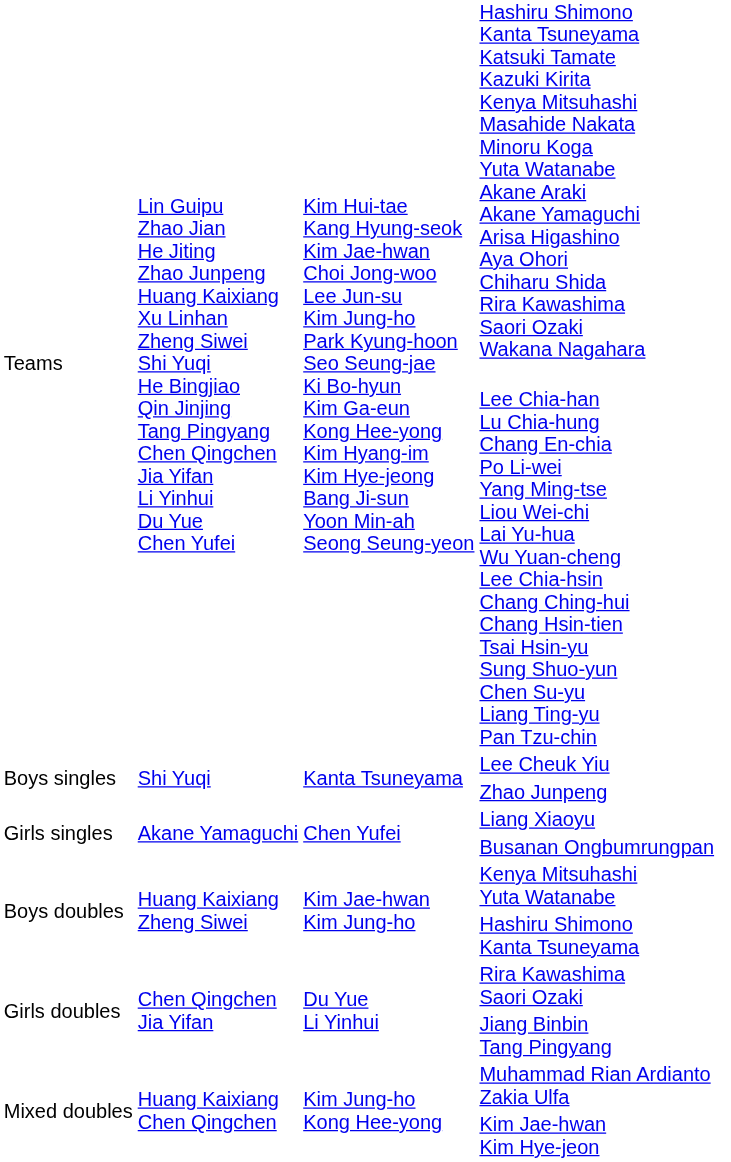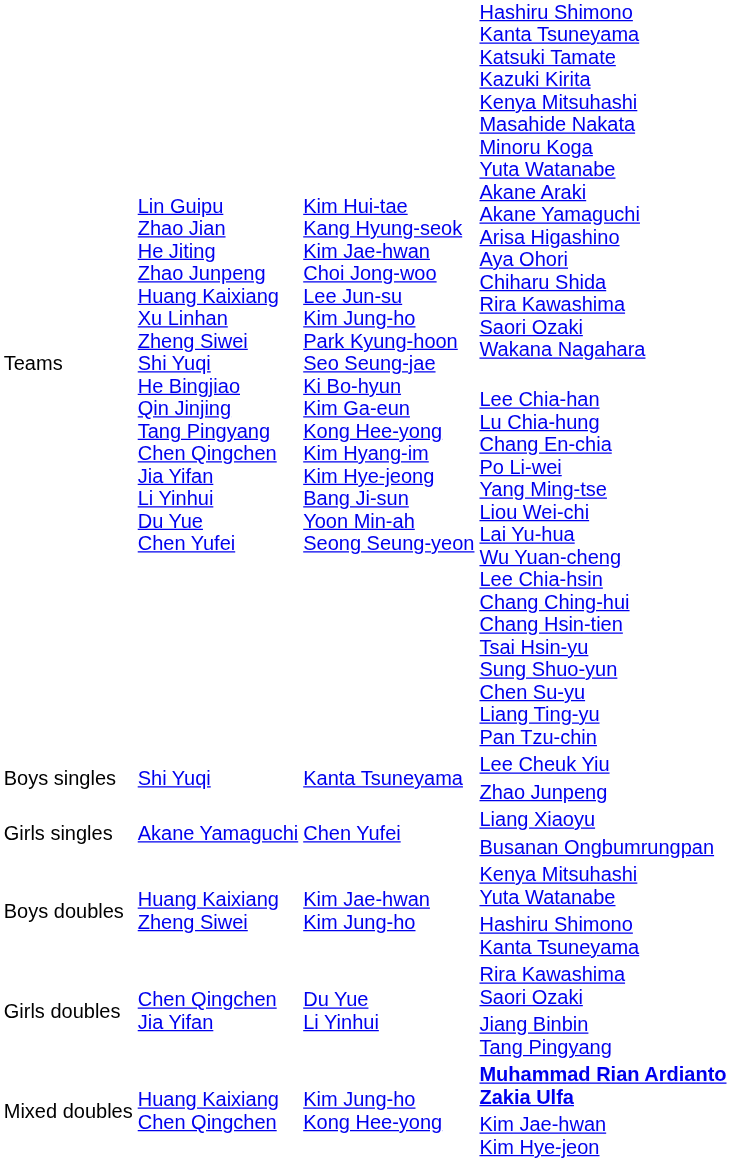 <table>
 <tr>
 <td rowspan=2>Teams<br></td>
 <td rowspan=2><br><a href='#'>Lin Guipu</a><br><a href='#'>Zhao Jian</a><br><a href='#'>He Jiting</a><br><a href='#'>Zhao Junpeng</a><br><a href='#'>Huang Kaixiang</a><br><a href='#'>Xu Linhan</a><br><a href='#'>Zheng Siwei</a><br><a href='#'>Shi Yuqi</a><br><a href='#'>He Bingjiao</a><br><a href='#'>Qin Jinjing</a><br><a href='#'>Tang Pingyang</a><br><a href='#'>Chen Qingchen</a><br><a href='#'>Jia Yifan</a><br><a href='#'>Li Yinhui</a><br><a href='#'>Du Yue</a><br><a href='#'>Chen Yufei</a></td>
 <td rowspan=2><br><a href='#'>Kim Hui-tae</a><br><a href='#'>Kang Hyung-seok</a><br><a href='#'>Kim Jae-hwan</a><br><a href='#'>Choi Jong-woo</a><br><a href='#'>Lee Jun-su</a><br><a href='#'>Kim Jung-ho</a><br><a href='#'>Park Kyung-hoon</a><br><a href='#'>Seo Seung-jae</a><br><a href='#'>Ki Bo-hyun</a><br><a href='#'>Kim Ga-eun</a><br><a href='#'>Kong Hee-yong</a><br><a href='#'>Kim Hyang-im</a><br><a href='#'>Kim Hye-jeong</a><br><a href='#'>Bang Ji-sun</a><br><a href='#'>Yoon Min-ah</a><br><a href='#'>Seong Seung-yeon</a></td>
 <td><br><a href='#'>Hashiru Shimono</a><br><a href='#'>Kanta Tsuneyama</a><br><a href='#'>Katsuki Tamate</a><br><a href='#'>Kazuki Kirita</a><br><a href='#'>Kenya Mitsuhashi</a><br><a href='#'>Masahide Nakata</a><br><a href='#'>Minoru Koga</a><br><a href='#'>Yuta Watanabe</a><br><a href='#'>Akane Araki</a><br><a href='#'>Akane Yamaguchi</a><br><a href='#'>Arisa Higashino</a><br><a href='#'>Aya Ohori</a><br><a href='#'>Chiharu Shida</a><br><a href='#'>Rira Kawashima</a><br><a href='#'>Saori Ozaki</a><br><a href='#'>Wakana Nagahara</a></td>
 </tr>
 <tr>
 <td><br><a href='#'>Lee Chia-han</a><br><a href='#'>Lu Chia-hung</a><br><a href='#'>Chang En-chia</a><br><a href='#'>Po Li-wei</a><br><a href='#'>Yang Ming-tse</a><br><a href='#'>Liou Wei-chi</a><br><a href='#'>Lai Yu-hua</a><br><a href='#'>Wu Yuan-cheng</a><br><a href='#'>Lee Chia-hsin</a><br><a href='#'>Chang Ching-hui</a><br><a href='#'>Chang Hsin-tien</a><br><a href='#'>Tsai Hsin-yu</a><br><a href='#'>Sung Shuo-yun</a><br><a href='#'>Chen Su-yu</a><br><a href='#'>Liang Ting-yu</a><br><a href='#'>Pan Tzu-chin</a></td>
 </tr>
 <tr>
 <td rowspan=2>Boys singles<br></td>
 <td rowspan=2> <a href='#'>Shi Yuqi</a></td>
 <td rowspan=2> <a href='#'>Kanta Tsuneyama</a></td>
 <td> <a href='#'>Lee Cheuk Yiu</a></td>
 </tr>
 <tr>
 <td> <a href='#'>Zhao Junpeng</a></td>
 </tr>
 <tr>
 <td rowspan=2>Girls singles<br></td>
 <td rowspan=2> <a href='#'>Akane Yamaguchi</a></td>
 <td rowspan=2> <a href='#'>Chen Yufei</a></td>
 <td> <a href='#'>Liang Xiaoyu</a></td>
 </tr>
 <tr>
 <td> <a href='#'>Busanan Ongbumrungpan</a></td>
 </tr>
 <tr>
 <td rowspan=2>Boys doubles<br></td>
 <td rowspan=2> <a href='#'>Huang Kaixiang</a><br> <a href='#'>Zheng Siwei</a></td>
 <td rowspan=2> <a href='#'>Kim Jae-hwan</a><br> <a href='#'>Kim Jung-ho</a></td>
 <td> <a href='#'>Kenya Mitsuhashi</a><br> <a href='#'>Yuta Watanabe</a></td>
 </tr>
 <tr>
 <td> <a href='#'>Hashiru Shimono</a><br> <a href='#'>Kanta Tsuneyama</a></td>
 </tr>
 <tr>
 <td rowspan=2>Girls doubles<br></td>
 <td rowspan=2> <a href='#'>Chen Qingchen</a><br> <a href='#'>Jia Yifan</a></td>
 <td rowspan=2> <a href='#'>Du Yue</a><br> <a href='#'>Li Yinhui</a></td>
 <td> <a href='#'>Rira Kawashima</a><br> <a href='#'>Saori Ozaki</a></td>
 </tr>
 <tr>
 <td> <a href='#'>Jiang Binbin</a><br> <a href='#'>Tang Pingyang</a></td>
 </tr>
 <tr>
 <td rowspan=2>Mixed doubles<br></td>
 <td rowspan=2> <a href='#'>Huang Kaixiang</a><br> <a href='#'>Chen Qingchen</a></td>
 <td rowspan=2> <a href='#'>Kim Jung-ho</a><br> <a href='#'>Kong Hee-yong</a></td>
-<td> <a href='#'>Muhammad Rian Ardianto</a><br> <a href='#'>Zakia Ulfa</a></td>
+<td><strong> <a href='#'>Muhammad Rian Ardianto</a><br> <a href='#'>Zakia Ulfa</a></strong></td>
 </tr>
 <tr>
 <td> <a href='#'>Kim Jae-hwan</a><br> <a href='#'>Kim Hye-jeon</a></td>
 </tr>
 </table>
